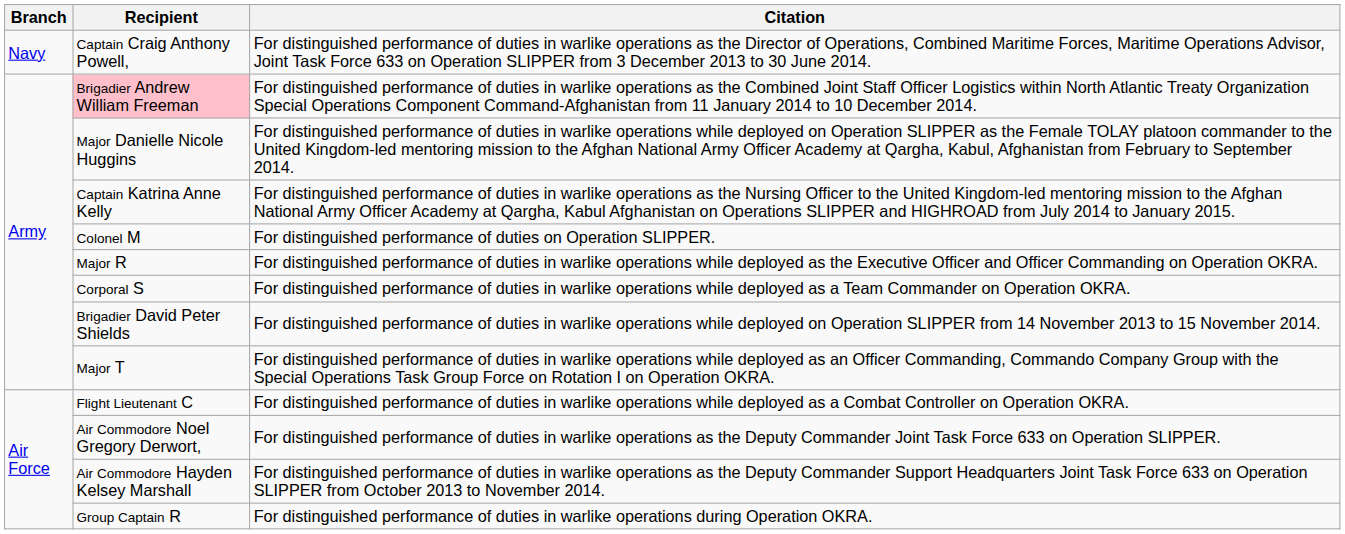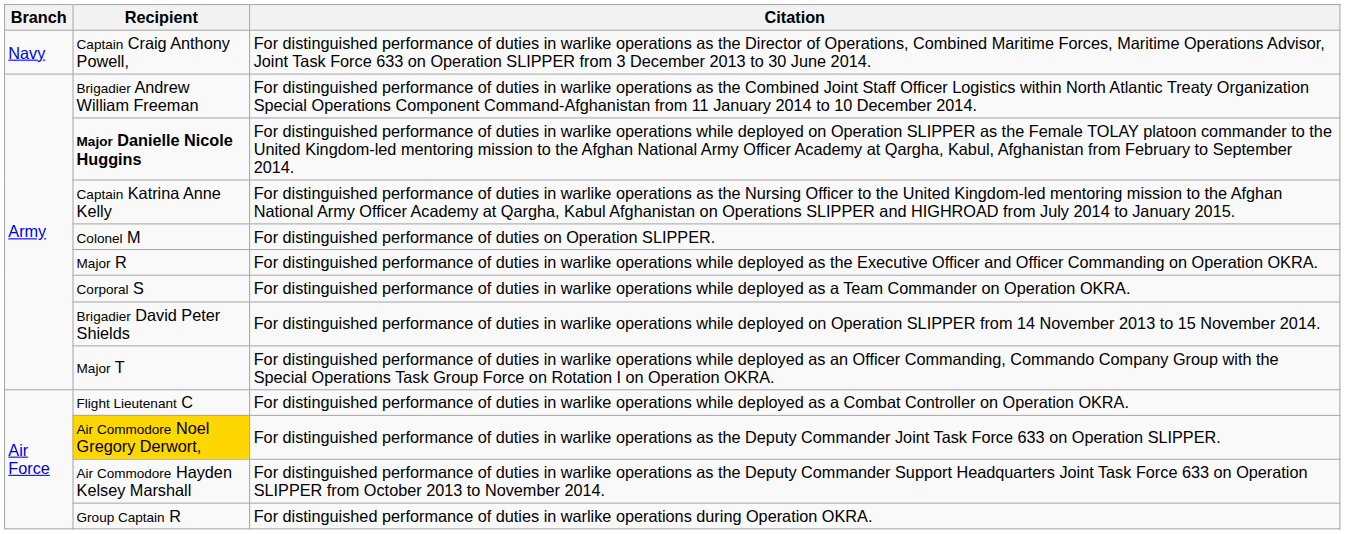 <table class="wikitable" style="font-size:95%;">
 <tr>
 <th>Branch</th>
 <th>Recipient</th>
 <th>Citation</th>
 </tr>
 <tr>
 <td><a href='#'>Navy</a></td>
 <td><small>Captain</small> Craig Anthony Powell, </td>
 <td>For distinguished performance of duties in warlike operations as the Director of Operations, Combined Maritime Forces, Maritime Operations Advisor, Joint Task Force 633 on Operation SLIPPER from 3 December 2013 to 30 June 2014.</td>
 </tr>
 <tr>
 <td rowspan="8"><a href='#'>Army</a></td>
-<td style="background: pink;"><small>Brigadier</small> Andrew William Freeman</td>
+<td><small>Brigadier</small> Andrew William Freeman</td>
 <td>For distinguished performance of duties in warlike operations as the Combined Joint Staff Officer Logistics within North Atlantic Treaty Organization Special Operations Component Command-Afghanistan from 11 January 2014 to 10 December 2014.</td>
 </tr>
 <tr>
-<td><small>Major</small> Danielle Nicole Huggins</td>
+<td><strong><small>Major</small> Danielle Nicole Huggins</strong></td>
 <td>For distinguished performance of duties in warlike operations while deployed on Operation SLIPPER as the Female TOLAY platoon commander to the United Kingdom-led mentoring mission to the Afghan National Army Officer Academy at Qargha, Kabul, Afghanistan from February to September 2014.</td>
 </tr>
 <tr>
 <td><small>Captain</small> Katrina Anne Kelly</td>
 <td>For distinguished performance of duties in warlike operations as the Nursing Officer to the United Kingdom-led mentoring mission to the Afghan National Army Officer Academy at Qargha, Kabul Afghanistan on Operations SLIPPER and HIGHROAD from July 2014 to January 2015.</td>
 </tr>
 <tr>
 <td><small>Colonel</small> M</td>
 <td>For distinguished performance of duties on Operation SLIPPER.</td>
 </tr>
 <tr>
 <td><small>Major</small> R</td>
 <td>For distinguished performance of duties in warlike operations while deployed as the Executive Officer and Officer Commanding on Operation OKRA.</td>
 </tr>
 <tr>
 <td><small>Corporal</small> S</td>
 <td>For distinguished performance of duties in warlike operations while deployed as a Team Commander on Operation OKRA.</td>
 </tr>
 <tr>
 <td><small>Brigadier</small> David Peter Shields</td>
 <td>For distinguished performance of duties in warlike operations while deployed on Operation SLIPPER from 14 November 2013 to 15 November 2014.</td>
 </tr>
 <tr>
 <td><small>Major</small> T</td>
 <td>For distinguished performance of duties in warlike operations while deployed as an Officer Commanding, Commando Company Group with the Special Operations Task Group Force on Rotation I on Operation OKRA.</td>
 </tr>
 <tr>
 <td rowspan="4"><a href='#'>Air Force</a></td>
 <td><small>Flight Lieutenant</small> C</td>
 <td>For distinguished performance of duties in warlike operations while deployed as a Combat Controller on Operation OKRA.</td>
 </tr>
 <tr>
-<td><small>Air Commodore</small> Noel Gregory Derwort, </td>
+<td style="background: gold;"><small>Air Commodore</small> Noel Gregory Derwort, </td>
 <td>For distinguished performance of duties in warlike operations as the Deputy Commander Joint Task Force 633 on Operation SLIPPER.</td>
 </tr>
 <tr>
 <td><small>Air Commodore</small> Hayden Kelsey Marshall</td>
 <td>For distinguished performance of duties in warlike operations as the Deputy Commander Support Headquarters Joint Task Force 633 on Operation SLIPPER from October 2013 to November 2014.</td>
 </tr>
 <tr>
 <td><small>Group Captain</small> R</td>
 <td>For distinguished performance of duties in warlike operations during Operation OKRA.</td>
 </tr>
 </table>
